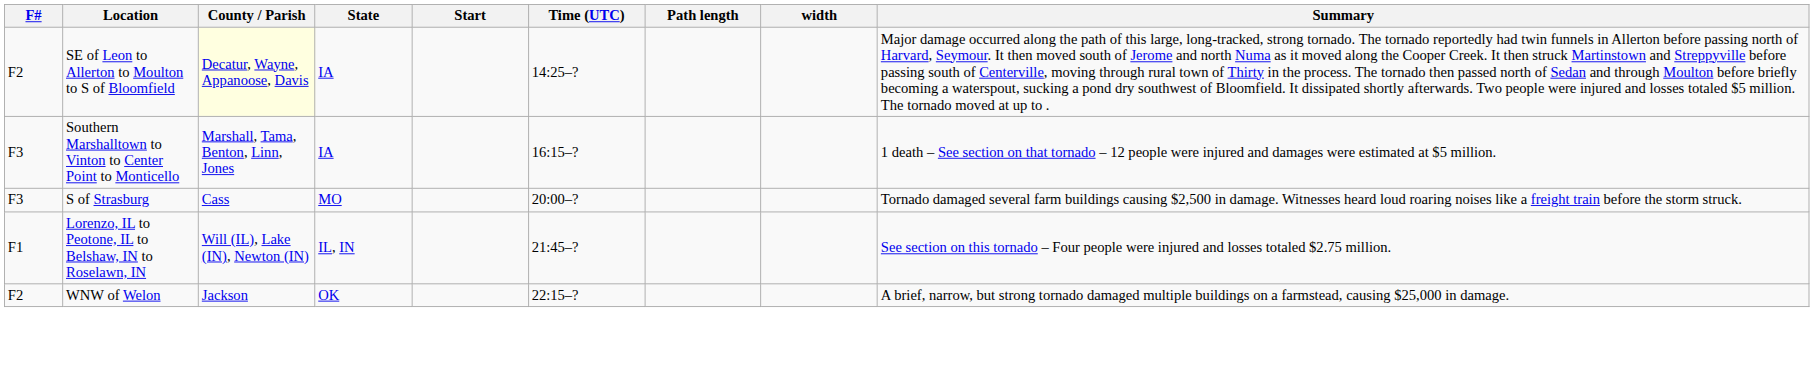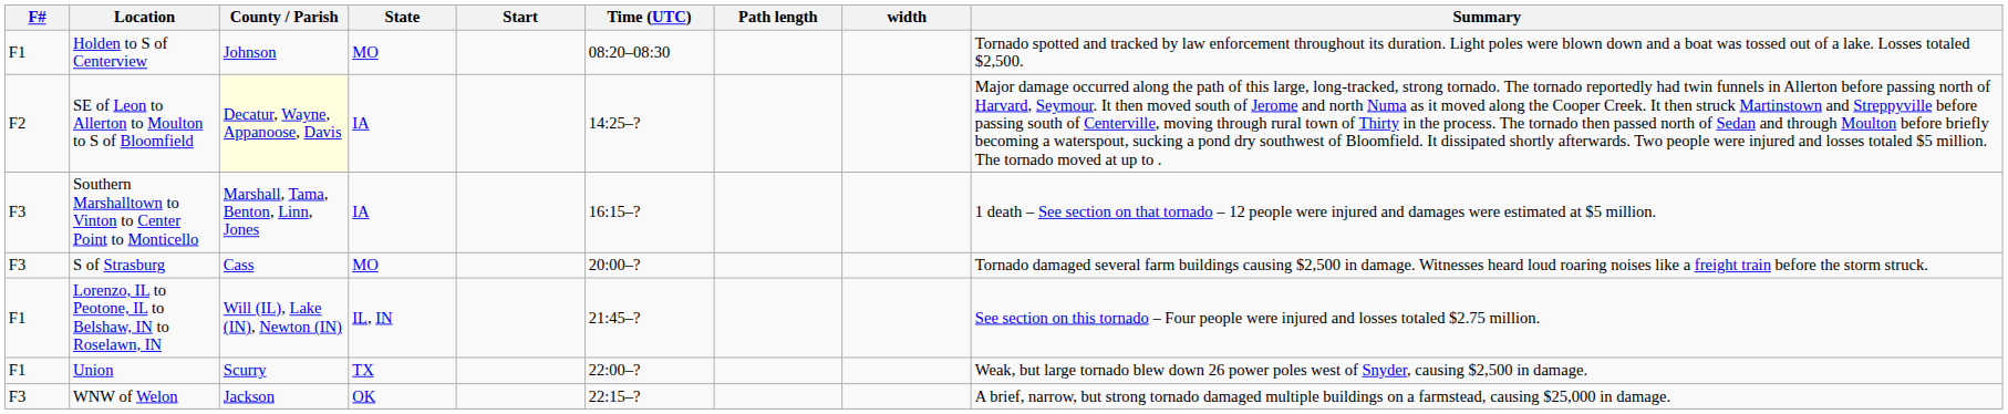 <table class="wikitable sortable" style="width:100%;">
 <tr>
 <th scope="col"  style="width:3%; text-align:center;"><a href='#'>F#</a></th>
 <th scope="col"  style="width:7%; text-align:center;" class="unsortable">Location</th>
 <th scope="col"  style="width:6%; text-align:center;" class="unsortable">County / Parish</th>
 <th scope="col"  style="width:5%; text-align:center;">State</th>
 <th scope="col"  style="width:6%; text-align:center;">Start<br></th>
 <th scope="col"  style="width:6%; text-align:center;">Time (<a href='#'>UTC</a>)</th>
 <th scope="col"  style="width:6%; text-align:center;">Path length</th>
 <th scope="col"  style="width:6%; text-align:center;"> width</th>
 <th scope="col" class="unsortable" style="width:48%; text-align:center;">Summary</th>
+</tr>
+<tr>
+<td>F1</td>
+<td><a href='#'>Holden</a> to S of <a href='#'>Centerview</a></td>
+<td><a href='#'>Johnson</a></td>
+<td><a href='#'>MO</a></td>
+<td></td>
+<td>08:20–08:30</td>
+<td></td>
+<td></td>
+<td>Tornado spotted and tracked by law enforcement throughout its duration. Light poles were blown down and a boat was tossed out of a lake. Losses totaled $2,500.</td>
 </tr>
 <tr>
 <td>F2</td>
 <td>SE of <a href='#'>Leon</a> to <a href='#'>Allerton</a> to <a href='#'>Moulton</a> to S of <a href='#'>Bloomfield</a></td>
 <td style="background: lightyellow;"><a href='#'>Decatur</a>, <a href='#'>Wayne</a>, <a href='#'>Appanoose</a>, <a href='#'>Davis</a></td>
 <td><a href='#'>IA</a></td>
 <td></td>
 <td>14:25–?</td>
 <td></td>
 <td></td>
 <td>Major damage occurred along the path of this large, long-tracked, strong tornado. The tornado reportedly had twin funnels in Allerton before passing north of <a href='#'>Harvard</a>, <a href='#'>Seymour</a>. It then moved south of <a href='#'>Jerome</a> and north <a href='#'>Numa</a> as it moved along the Cooper Creek. It then struck <a href='#'>Martinstown</a> and <a href='#'>Streppyville</a> before passing south of <a href='#'>Centerville</a>, moving through rural town of <a href='#'>Thirty</a> in the process. The tornado then passed north of <a href='#'>Sedan</a> and through <a href='#'>Moulton</a> before briefly becoming a waterspout, sucking a pond dry southwest of Bloomfield. It dissipated shortly afterwards. Two people were injured and losses totaled $5 million. The tornado moved at up to .<br></td>
 </tr>
 <tr>
 <td>F3</td>
 <td>Southern <a href='#'>Marshalltown</a> to <a href='#'>Vinton</a> to <a href='#'>Center Point</a> to <a href='#'>Monticello</a></td>
 <td><a href='#'>Marshall</a>, <a href='#'>Tama</a>, <a href='#'>Benton</a>, <a href='#'>Linn</a>, <a href='#'>Jones</a></td>
 <td><a href='#'>IA</a></td>
 <td></td>
 <td>16:15–?</td>
 <td></td>
 <td></td>
 <td>1 death – <a href='#'>See section on that tornado</a> – 12 people were injured and damages were estimated at $5 million.<br></td>
 </tr>
 <tr>
 <td>F3</td>
 <td>S of <a href='#'>Strasburg</a></td>
 <td><a href='#'>Cass</a></td>
 <td><a href='#'>MO</a></td>
 <td></td>
 <td>20:00–?</td>
 <td></td>
 <td></td>
 <td>Tornado damaged several farm buildings causing $2,500 in damage. Witnesses heard loud roaring noises like a <a href='#'>freight train</a> before the storm struck.</td>
 </tr>
 <tr>
 <td>F1</td>
 <td><a href='#'>Lorenzo, IL</a> to <a href='#'>Peotone, IL</a> to <a href='#'>Belshaw, IN</a> to <a href='#'>Roselawn, IN</a></td>
 <td><a href='#'>Will (IL)</a>, <a href='#'>Lake (IN)</a>, <a href='#'>Newton (IN)</a></td>
 <td><a href='#'>IL</a>, <a href='#'>IN</a></td>
 <td></td>
 <td>21:45–?</td>
 <td></td>
 <td></td>
 <td><a href='#'>See section on this tornado</a> – Four people were injured and losses totaled $2.75 million.<br></td>
 </tr>
 <tr>
-<td>F2</td>
+<td>F1</td>
+<td><a href='#'>Union</a></td>
+<td><a href='#'>Scurry</a></td>
+<td><a href='#'>TX</a></td>
+<td></td>
+<td>22:00–?</td>
+<td></td>
+<td></td>
+<td>Weak, but large tornado blew down 26 power poles west of <a href='#'>Snyder</a>, causing $2,500 in damage.</td>
+</tr>
+<tr>
+<td>F3</td>
 <td>WNW of <a href='#'>Welon</a></td>
 <td><a href='#'>Jackson</a></td>
 <td><a href='#'>OK</a></td>
 <td></td>
 <td>22:15–?</td>
 <td></td>
 <td></td>
 <td>A brief, narrow, but strong tornado damaged multiple buildings on a farmstead, causing $25,000 in damage.</td>
 </tr>
 </table>
